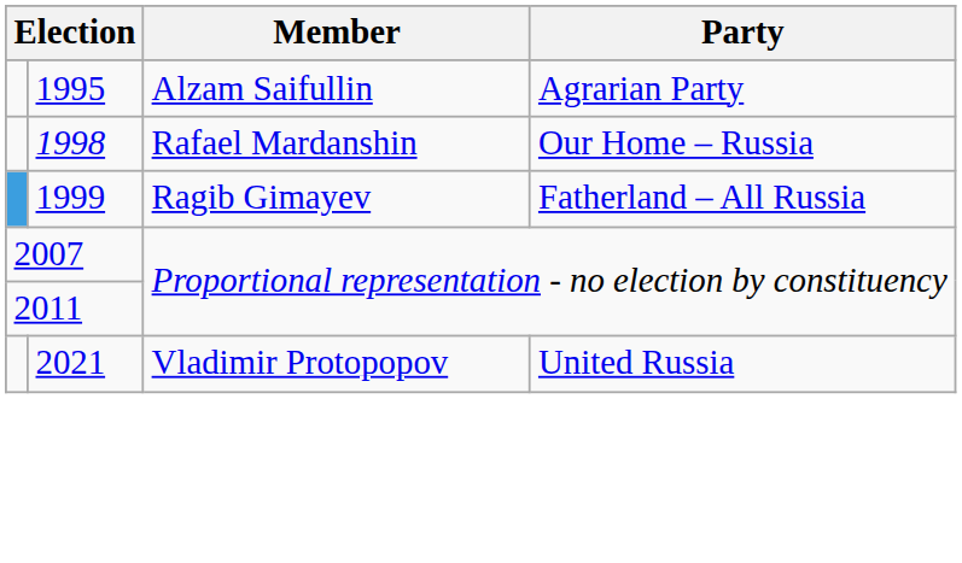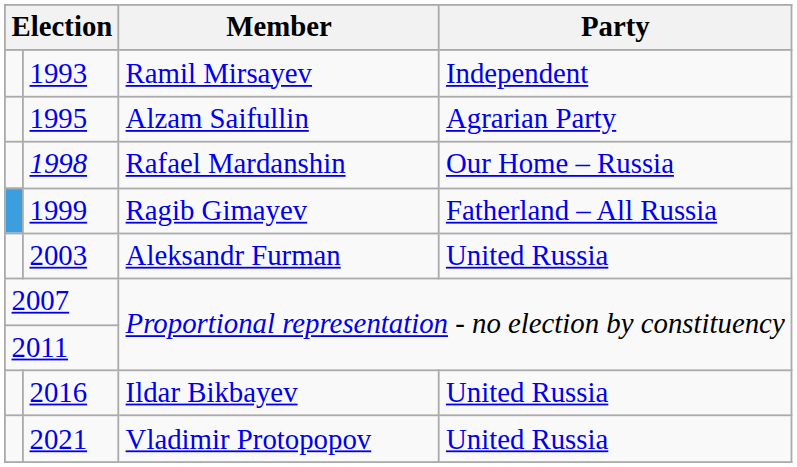 <table class="wikitable">
 <tr>
 <th colspan="2">Election</th>
 <th>Member</th>
 <th>Party</th>
+</tr>
+<tr>
+<td style="background-color:"></td>
+<td><a href='#'>1993</a></td>
+<td><a href='#'>Ramil Mirsayev</a></td>
+<td><a href='#'>Independent</a></td>
 </tr>
 <tr>
 <td style="background-color:"></td>
 <td><a href='#'>1995</a></td>
 <td><a href='#'>Alzam Saifullin</a></td>
 <td><a href='#'>Agrarian Party</a></td>
 </tr>
 <tr>
 <td style="background-color:"></td>
 <td><em><a href='#'>1998</a></em></td>
 <td><a href='#'>Rafael Mardanshin</a></td>
 <td><a href='#'>Our Home – Russia</a></td>
 </tr>
 <tr>
 <td style="background-color:#3B9EDF"></td>
 <td><a href='#'>1999</a></td>
 <td><a href='#'>Ragib Gimayev</a></td>
 <td><a href='#'>Fatherland – All Russia</a></td>
 </tr>
 <tr>
+<td style="background-color:"></td>
+<td><a href='#'>2003</a></td>
+<td><a href='#'>Aleksandr Furman</a></td>
+<td><a href='#'>United Russia</a></td>
+</tr>
+<tr>
 <td colspan=2><a href='#'>2007</a></td>
 <td colspan=2 rowspan=2><em><a href='#'>Proportional representation</a> - no election by constituency</em></td>
 </tr>
 <tr>
 <td colspan=2><a href='#'>2011</a></td>
 </tr>
 <tr>
 <td style="background-color: "></td>
+<td><a href='#'>2016</a></td>
+<td><a href='#'>Ildar Bikbayev</a></td>
+<td><a href='#'>United Russia</a></td>
+</tr>
+<tr>
+<td style="background-color: "></td>
 <td><a href='#'>2021</a></td>
 <td><a href='#'>Vladimir Protopopov</a></td>
 <td><a href='#'>United Russia</a></td>
 </tr>
 </table>
